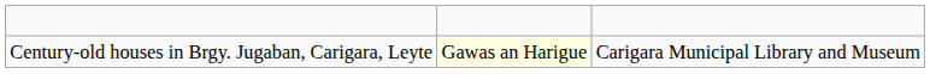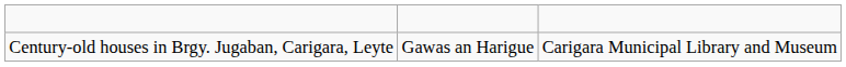 <table class="wikitable">
 <tr>
 <td></td>
 <td></td>
 <td>  </td>
 </tr>
 <tr>
 <td>Century-old houses in Brgy. Jugaban, Carigara, Leyte</td>
-<td style="background: lightyellow;">Gawas an Harigue</td>
+<td>Gawas an Harigue</td>
 <td>Carigara Municipal Library and Museum</td>
 </tr>
 </table>
